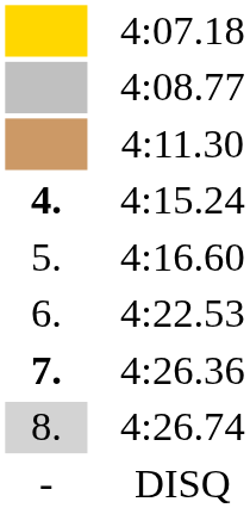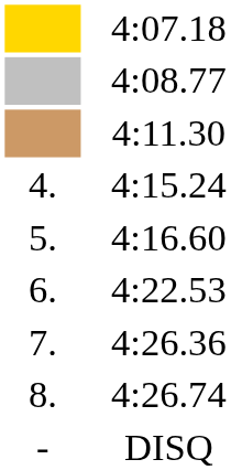 <table style="text-align:center">
 <tr>
 <td width=30 bgcolor=gold></td>
 <td align=left></td>
 <td width=60>4:07.18</td>
 </tr>
 <tr>
 <td bgcolor=silver></td>
 <td align=left></td>
 <td>4:08.77</td>
 </tr>
 <tr>
 <td bgcolor=cc9966></td>
 <td align=left></td>
 <td>4:11.30</td>
 </tr>
 <tr>
-<td><strong>4.</strong></td>
+<td>4.</td>
 <td align=left></td>
 <td>4:15.24</td>
 </tr>
 <tr>
 <td>5.</td>
 <td align=left></td>
 <td>4:16.60</td>
 </tr>
 <tr>
 <td>6.</td>
 <td align=left></td>
 <td>4:22.53</td>
 </tr>
 <tr>
-<td><strong>7.</strong></td>
+<td>7.</td>
 <td align=left></td>
 <td>4:26.36</td>
 </tr>
 <tr>
-<td style="background: lightgrey;">8.</td>
+<td>8.</td>
 <td align=left></td>
 <td>4:26.74</td>
 </tr>
 <tr>
 <td>-</td>
 <td align=left></td>
 <td>DISQ</td>
 </tr>
 </table>
